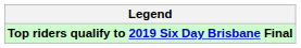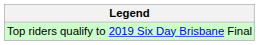 <table class="wikitable">
 <tr>
 <th>Legend</th>
 </tr>
 <tr bgcolor=ccffcc>
-<td><strong>Top riders qualify to <a href='#'>2019 Six Day Brisbane</a> Final</strong></td>
+<td>Top riders qualify to <a href='#'>2019 Six Day Brisbane</a> Final</td>
 </tr>
 </table>
